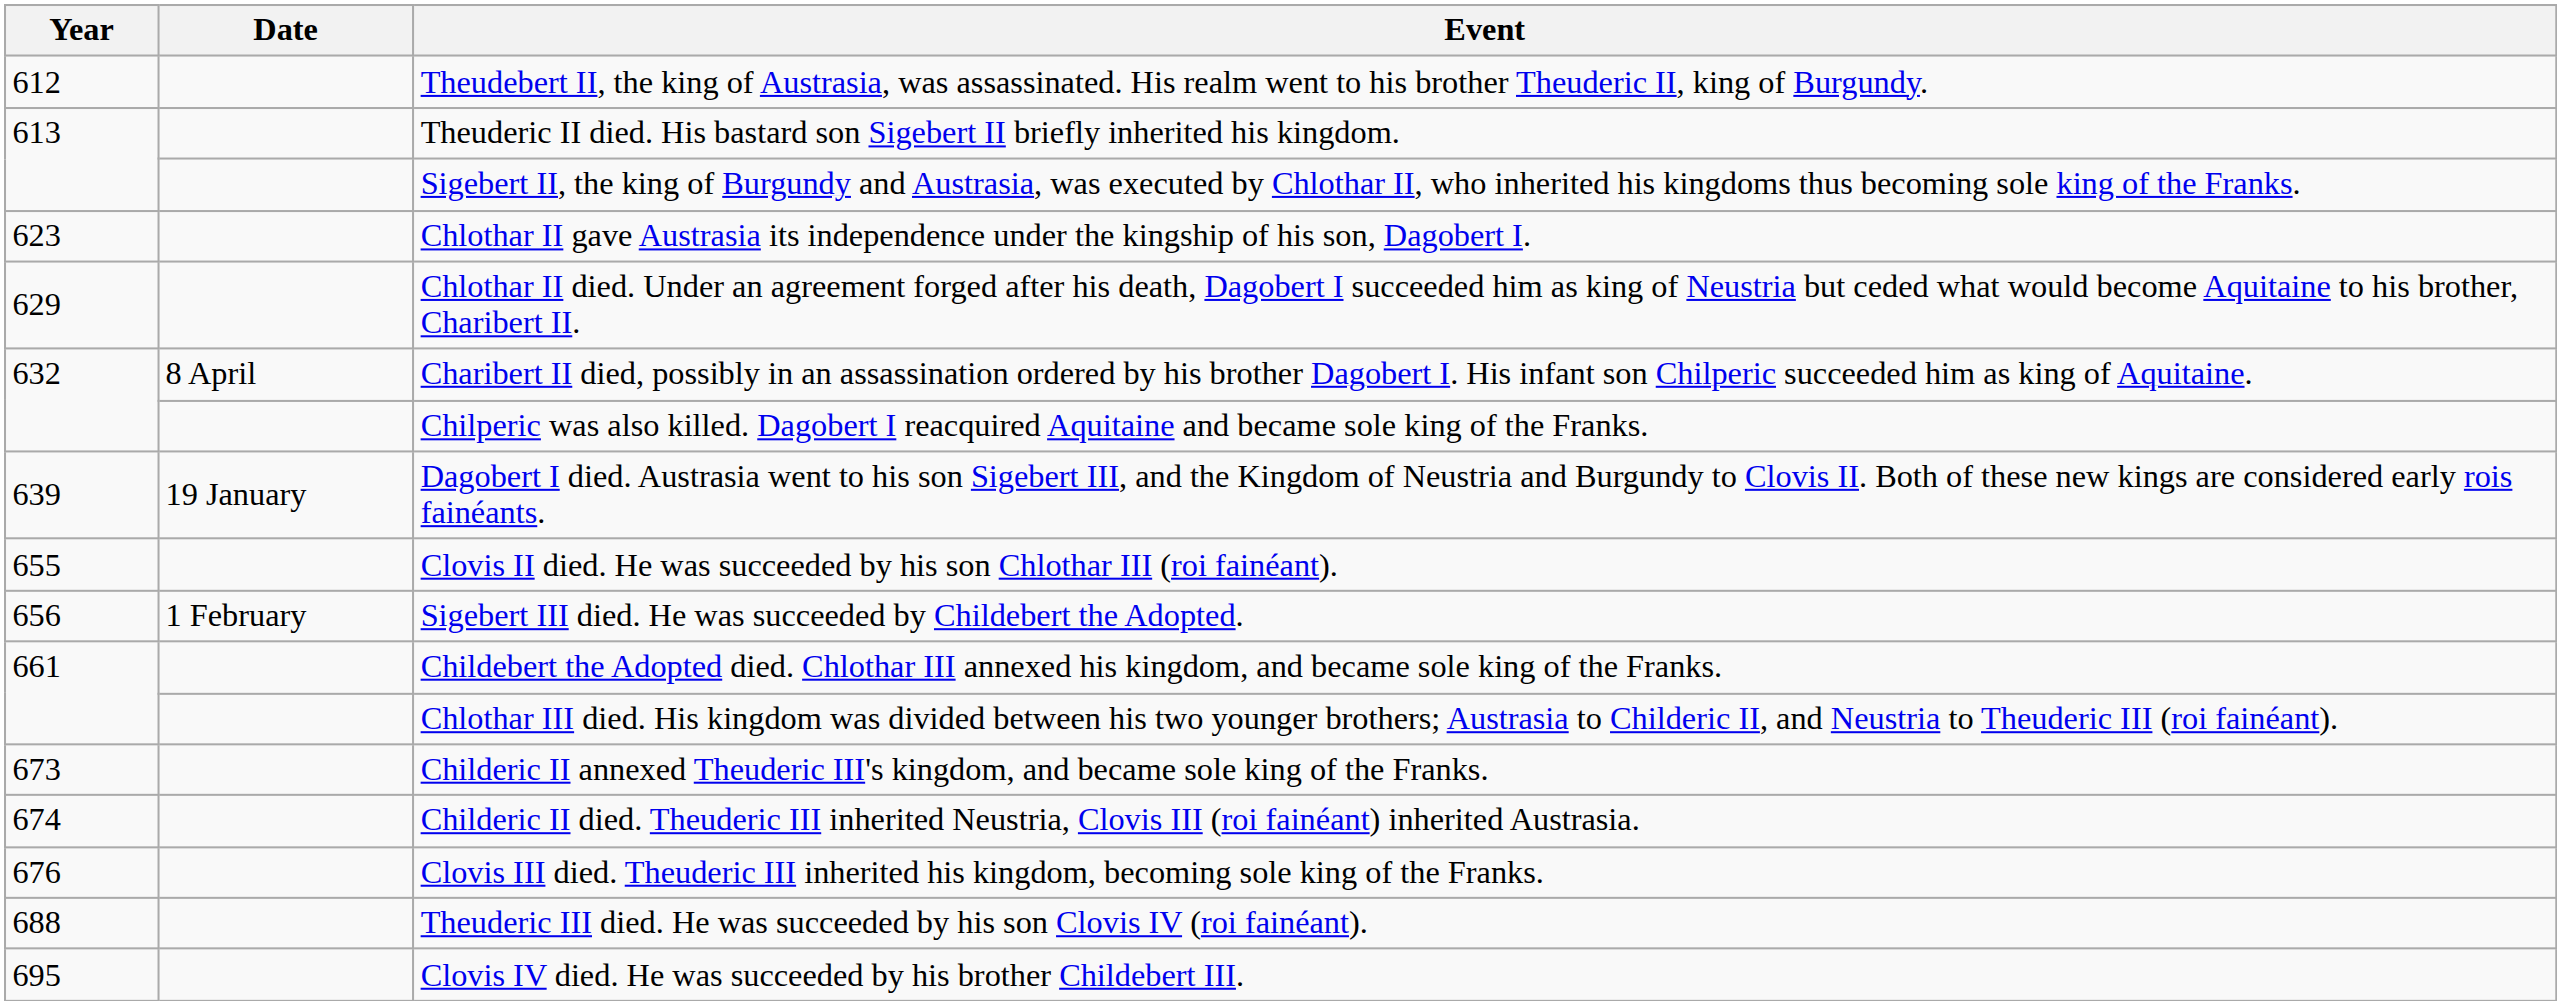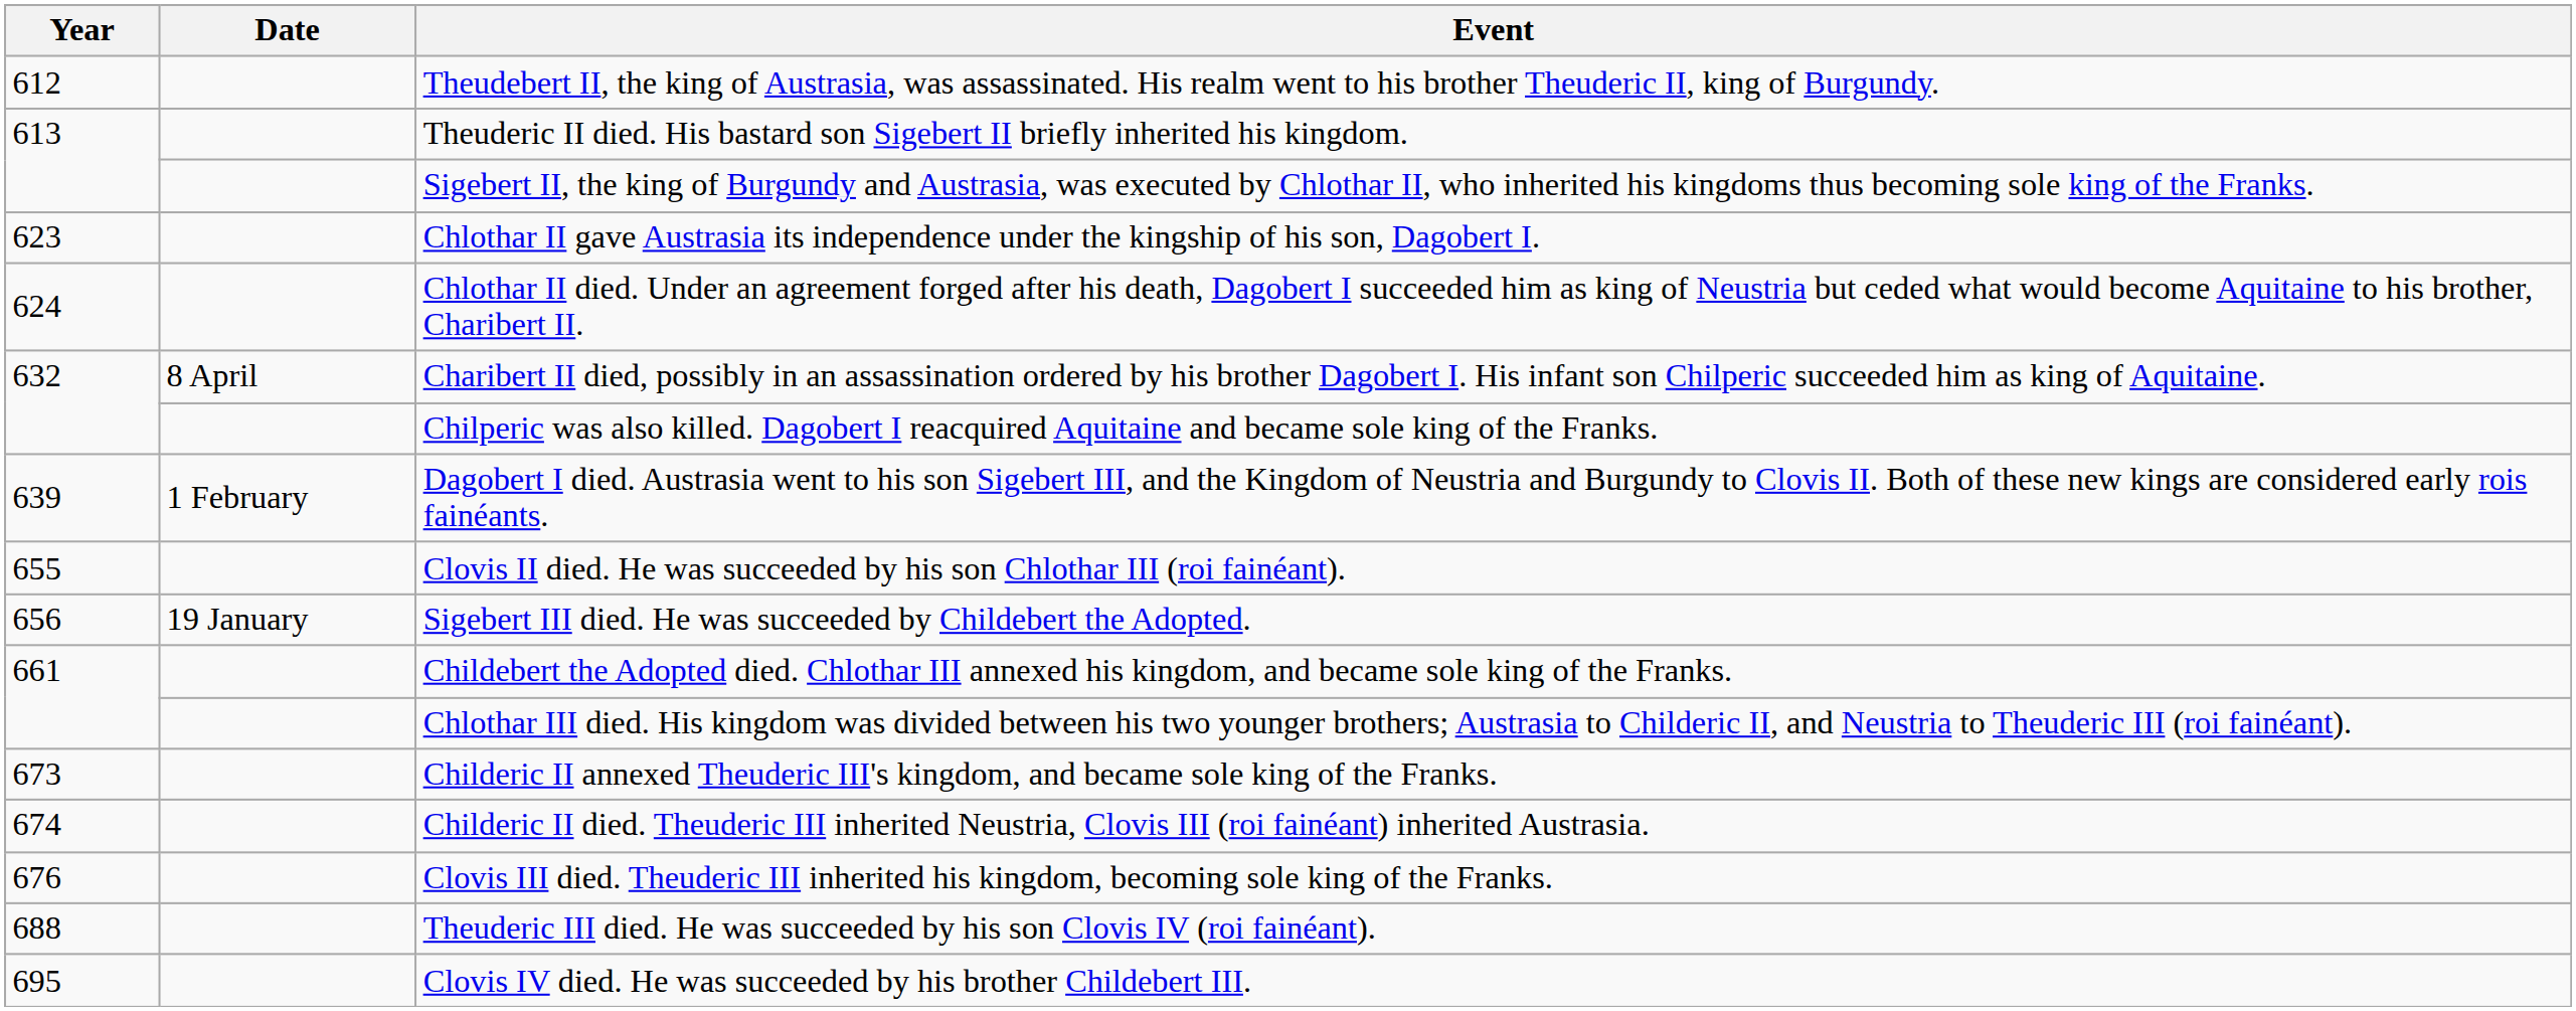 <table class="wikitable" width="100%">
 <tr>
 <th style="width:6%">Year</th>
 <th style="width:10%">Date</th>
 <th>Event</th>
 </tr>
 <tr>
 <td>612</td>
 <td></td>
 <td><a href='#'>Theudebert II</a>, the king of <a href='#'>Austrasia</a>, was assassinated. His realm went to his brother <a href='#'>Theuderic II</a>, king of <a href='#'>Burgundy</a>.</td>
 </tr>
 <tr>
 <td rowspan="2" valign="top">613</td>
 <td></td>
 <td>Theuderic II died. His bastard son <a href='#'>Sigebert II</a> briefly inherited his kingdom.</td>
 </tr>
 <tr>
 <td></td>
 <td><a href='#'>Sigebert II</a>, the king of <a href='#'>Burgundy</a> and <a href='#'>Austrasia</a>, was executed by <a href='#'>Chlothar II</a>, who inherited his kingdoms thus becoming sole <a href='#'>king of the Franks</a>.</td>
 </tr>
 <tr>
 <td>623</td>
 <td></td>
 <td><a href='#'>Chlothar II</a> gave <a href='#'>Austrasia</a> its independence under the kingship of his son, <a href='#'>Dagobert I</a>.</td>
 </tr>
 <tr>
-<td>629</td>
+<td>624</td>
 <td></td>
 <td><a href='#'>Chlothar II</a> died.  Under an agreement forged after his death, <a href='#'>Dagobert I</a> succeeded him as king of <a href='#'>Neustria</a> but ceded what would become <a href='#'>Aquitaine</a> to his brother, <a href='#'>Charibert II</a>.</td>
 </tr>
 <tr>
 <td rowspan="2" valign="top">632</td>
 <td>8 April</td>
 <td><a href='#'>Charibert II</a> died, possibly in an assassination ordered by his brother <a href='#'>Dagobert I</a>.  His infant son <a href='#'>Chilperic</a> succeeded him as king of <a href='#'>Aquitaine</a>.</td>
 </tr>
 <tr>
 <td></td>
 <td><a href='#'>Chilperic</a> was also killed. <a href='#'>Dagobert I</a> reacquired <a href='#'>Aquitaine</a> and became sole king of the Franks.</td>
 </tr>
 <tr>
 <td>639</td>
-<td>19 January</td>
+<td>1 February</td>
 <td><a href='#'>Dagobert I</a> died. Austrasia went to his son <a href='#'>Sigebert III</a>, and the Kingdom of Neustria and Burgundy to <a href='#'>Clovis II</a>. Both of these new kings are considered early <a href='#'>rois fainéants</a>.</td>
 </tr>
 <tr>
 <td>655</td>
 <td></td>
 <td><a href='#'>Clovis II</a> died. He was succeeded by his son <a href='#'>Chlothar III</a> (<a href='#'>roi fainéant</a>).</td>
 </tr>
 <tr>
 <td>656</td>
-<td>1 February</td>
+<td>19 January</td>
 <td><a href='#'>Sigebert III</a> died. He was succeeded by <a href='#'>Childebert the Adopted</a>.</td>
 </tr>
 <tr>
 <td rowspan="2" valign="top">661</td>
 <td></td>
 <td><a href='#'>Childebert the Adopted</a> died. <a href='#'>Chlothar III</a> annexed his kingdom, and became sole king of the Franks.</td>
 </tr>
 <tr>
 <td></td>
 <td><a href='#'>Chlothar III</a> died. His kingdom was divided between his two younger brothers; <a href='#'>Austrasia</a> to <a href='#'>Childeric II</a>, and <a href='#'>Neustria</a> to <a href='#'>Theuderic III</a> (<a href='#'>roi fainéant</a>).</td>
 </tr>
 <tr>
 <td>673</td>
 <td></td>
 <td><a href='#'>Childeric II</a> annexed <a href='#'>Theuderic III</a>'s kingdom, and became sole king of the Franks.</td>
 </tr>
 <tr>
 <td>674</td>
 <td></td>
 <td><a href='#'>Childeric II</a> died. <a href='#'>Theuderic III</a> inherited Neustria, <a href='#'>Clovis III</a> (<a href='#'>roi fainéant</a>) inherited Austrasia.</td>
 </tr>
 <tr>
 <td>676</td>
 <td></td>
 <td><a href='#'>Clovis III</a> died. <a href='#'>Theuderic III</a> inherited his kingdom, becoming sole king of the Franks.</td>
 </tr>
 <tr>
 <td>688</td>
 <td></td>
 <td><a href='#'>Theuderic III</a> died. He was succeeded by his son <a href='#'>Clovis IV</a> (<a href='#'>roi fainéant</a>).</td>
 </tr>
 <tr>
 <td>695</td>
 <td></td>
 <td><a href='#'>Clovis IV</a> died. He was succeeded by his brother <a href='#'>Childebert III</a>.</td>
 </tr>
 </table>
